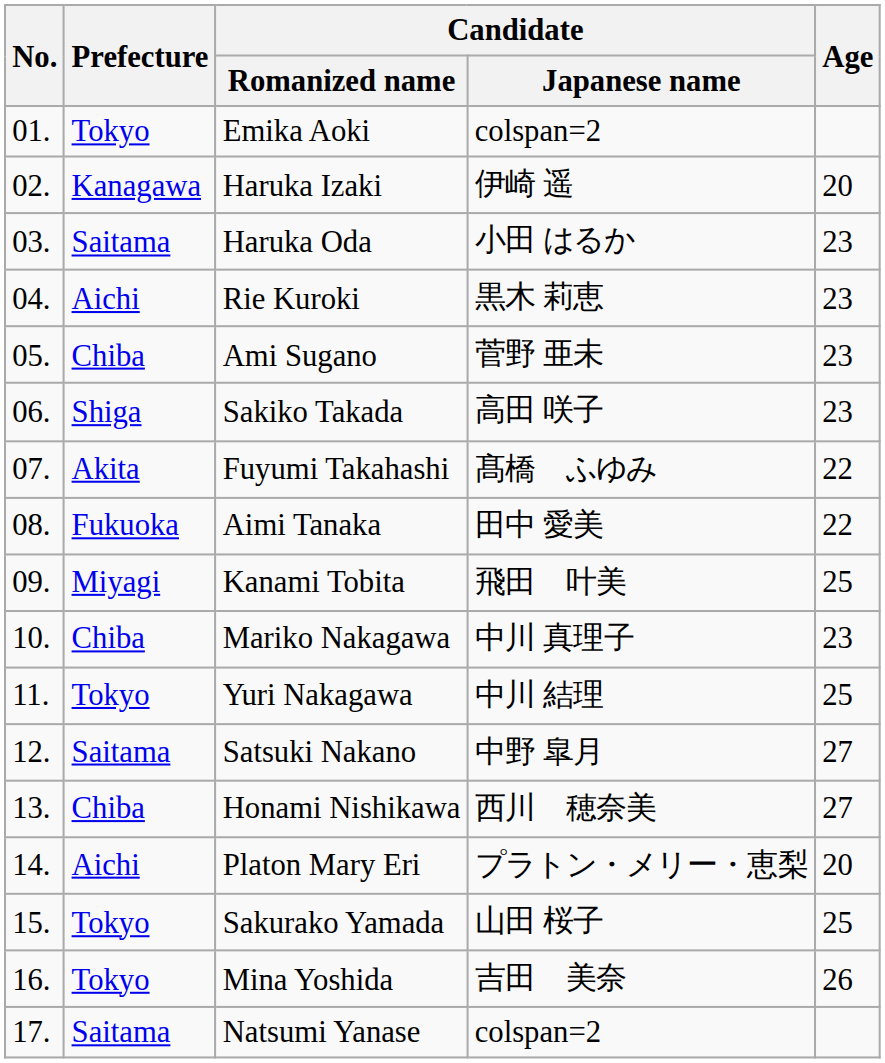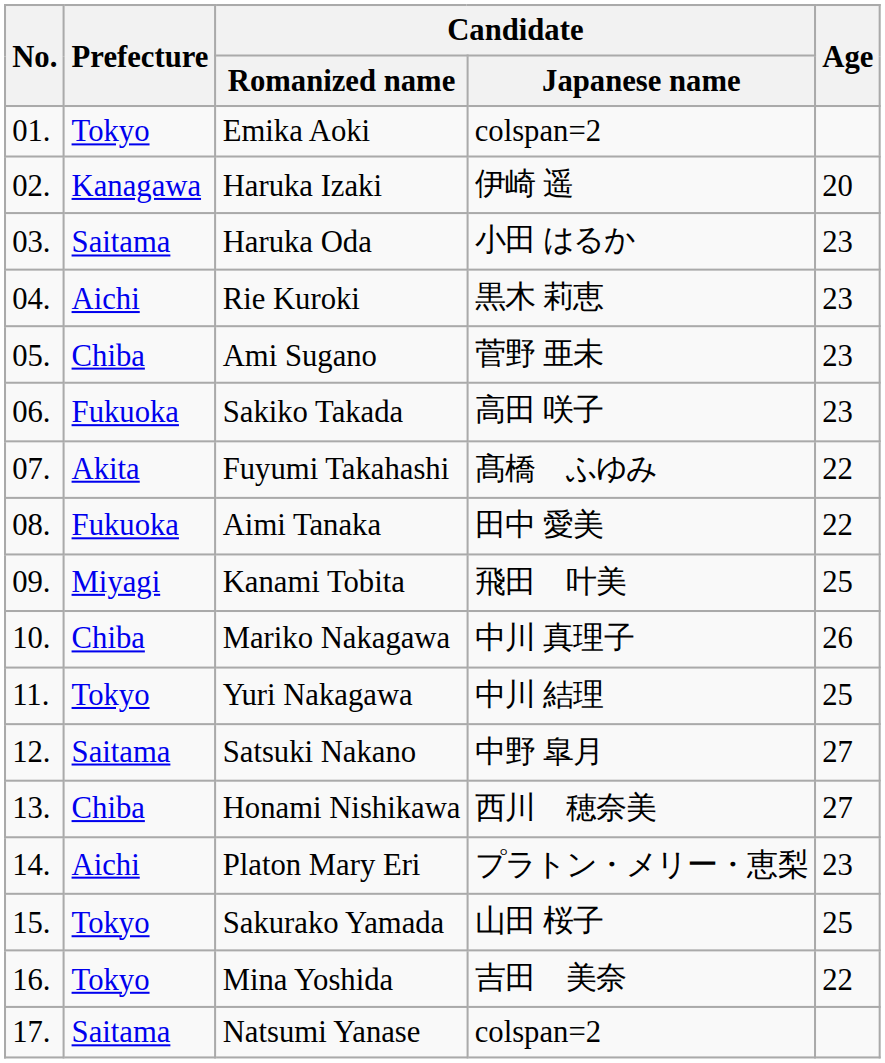 <table class="wikitable" style="font-size: 95%;">
 <tr>
 <th rowspan=2>No.</th>
 <th rowspan=2>Prefecture</th>
 <th colspan=2>Candidate</th>
 <th rowspan=2>Age</th>
 </tr>
 <tr>
 <th>Romanized name</th>
 <th>Japanese name</th>
 </tr>
 <tr>
 <td>01.</td>
 <td><a href='#'>Tokyo</a></td>
 <td>Emika Aoki</td>
 <td>colspan=2 </td>
 </tr>
 <tr>
 <td>02.</td>
 <td><a href='#'>Kanagawa</a></td>
 <td>Haruka Izaki</td>
 <td>伊崎 遥</td>
 <td>20</td>
 </tr>
 <tr>
 <td>03.</td>
 <td><a href='#'>Saitama</a></td>
 <td>Haruka Oda</td>
 <td>小田 はるか</td>
 <td>23</td>
 </tr>
 <tr>
 <td>04.</td>
 <td><a href='#'>Aichi</a></td>
 <td>Rie Kuroki</td>
 <td>黒木 莉恵</td>
 <td>23</td>
 </tr>
 <tr>
 <td>05.</td>
 <td><a href='#'>Chiba</a></td>
 <td>Ami Sugano</td>
 <td>菅野 亜未</td>
 <td>23</td>
 </tr>
 <tr>
 <td>06.</td>
-<td><a href='#'>Shiga</a></td>
+<td><a href='#'>Fukuoka</a></td>
 <td>Sakiko Takada</td>
 <td>高田 咲子</td>
 <td>23</td>
 </tr>
 <tr>
 <td>07.</td>
 <td><a href='#'>Akita</a></td>
 <td>Fuyumi Takahashi</td>
 <td>髙橋　ふゆみ</td>
 <td>22</td>
 </tr>
 <tr>
 <td>08.</td>
 <td><a href='#'>Fukuoka</a></td>
 <td>Aimi Tanaka</td>
 <td>田中 愛美</td>
 <td>22</td>
 </tr>
 <tr>
 <td>09.</td>
 <td><a href='#'>Miyagi</a></td>
 <td>Kanami Tobita</td>
 <td>飛田　叶美</td>
 <td>25</td>
 </tr>
 <tr>
 <td>10.</td>
 <td><a href='#'>Chiba</a></td>
 <td>Mariko Nakagawa</td>
 <td>中川 真理子</td>
-<td>23</td>
+<td>26</td>
 </tr>
 <tr>
 <td>11.</td>
 <td><a href='#'>Tokyo</a></td>
 <td>Yuri Nakagawa</td>
 <td>中川 結理</td>
 <td>25</td>
 </tr>
 <tr>
 <td>12.</td>
 <td><a href='#'>Saitama</a></td>
 <td>Satsuki Nakano</td>
 <td>中野 皐月</td>
 <td>27</td>
 </tr>
 <tr>
 <td>13.</td>
 <td><a href='#'>Chiba</a></td>
 <td>Honami Nishikawa</td>
 <td>西川　穂奈美</td>
 <td>27</td>
 </tr>
 <tr>
 <td>14.</td>
 <td><a href='#'>Aichi</a></td>
 <td>Platon Mary Eri</td>
 <td>プラトン・メリー・恵梨</td>
-<td>20</td>
+<td>23</td>
 </tr>
 <tr>
 <td>15.</td>
 <td><a href='#'>Tokyo</a></td>
 <td>Sakurako Yamada</td>
 <td>山田 桜子</td>
 <td>25</td>
 </tr>
 <tr>
 <td>16.</td>
 <td><a href='#'>Tokyo</a></td>
 <td>Mina Yoshida</td>
 <td>吉田　美奈</td>
-<td>26</td>
+<td>22</td>
 </tr>
 <tr>
 <td>17.</td>
 <td><a href='#'>Saitama</a></td>
 <td>Natsumi Yanase</td>
 <td>colspan=2 </td>
 </tr>
 </table>
